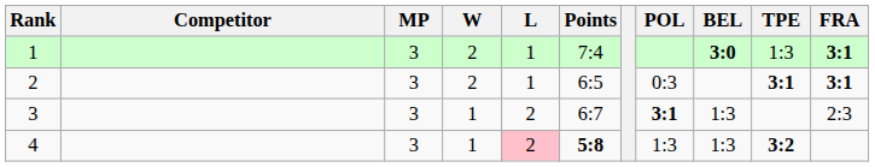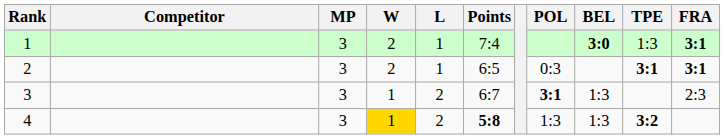 <table class="wikitable" style="text-align:center">
 <tr>
 <th>Rank</th>
 <th style="width:16em">Competitor</th>
 <th style="width:2.5em">MP</th>
 <th style="width:2.5em">W</th>
 <th style="width:2.5em">L</th>
 <th>Points</th>
 <th rowspan="5"> </th>
 <th style="width:2.5em">POL</th>
 <th style="width:2.5em">BEL</th>
 <th style="width:2.5em">TPE</th>
 <th style="width:2.5em">FRA</th>
 </tr>
 <tr style="background:#cfc;">
 <td>1</td>
 <td style="text-align:left"></td>
 <td>3</td>
 <td>2</td>
 <td>1</td>
 <td>7:4</td>
 <td></td>
 <td><strong>3:0</strong></td>
 <td>1:3</td>
 <td><strong>3:1</strong></td>
 </tr>
 <tr>
 <td>2</td>
 <td style="text-align:left"></td>
 <td>3</td>
 <td>2</td>
 <td>1</td>
 <td>6:5</td>
 <td>0:3</td>
 <td></td>
 <td><strong>3:1</strong></td>
 <td><strong>3:1</strong></td>
 </tr>
 <tr>
 <td>3</td>
 <td style="text-align:left"></td>
 <td>3</td>
 <td>1</td>
 <td>2</td>
 <td>6:7</td>
 <td><strong>3:1</strong></td>
 <td>1:3</td>
 <td></td>
 <td>2:3</td>
 </tr>
 <tr>
 <td>4</td>
 <td style="text-align:left"></td>
 <td>3</td>
-<td>1</td>
-<td style="background: pink;">2</td>
+<td style="background: gold;">1</td>
+<td>2</td>
 <td><strong>5:8</strong></td>
 <td>1:3</td>
 <td>1:3</td>
 <td><strong>3:2</strong></td>
 <td></td>
 </tr>
 </table>
